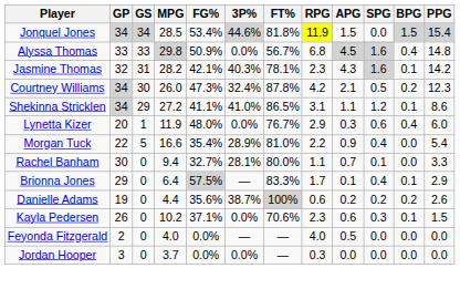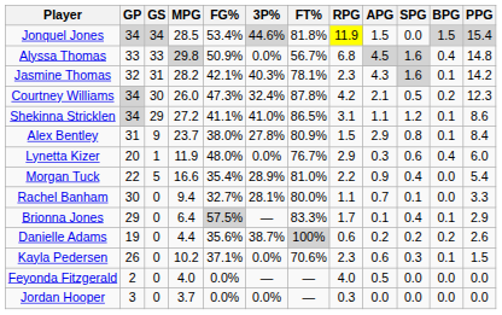 <table class="wikitable sortable" style="text-align:center;">
 <tr>
 <th>Player</th>
 <th>GP</th>
 <th>GS</th>
 <th>MPG</th>
 <th>FG%</th>
 <th>3P%</th>
 <th>FT%</th>
 <th>RPG</th>
 <th>APG</th>
 <th>SPG</th>
 <th>BPG</th>
 <th>PPG</th>
 </tr>
 <tr>
 <td><a href='#'>Jonquel Jones</a></td>
 <td style="background:#D3D3D3;">34</td>
 <td style="background:#D3D3D3;">34</td>
 <td>28.5</td>
 <td>53.4%</td>
 <td style="background:#D3D3D3;">44.6%</td>
 <td>81.8%</td>
 <td style="background:yellow;">11.9</td>
 <td>1.5</td>
 <td>0.0</td>
 <td style="background:#D3D3D3;">1.5</td>
 <td style="background:#D3D3D3;">15.4</td>
 </tr>
 <tr>
 <td><a href='#'>Alyssa Thomas</a></td>
 <td>33</td>
 <td>33</td>
 <td style="background:#D3D3D3;">29.8</td>
 <td>50.9%</td>
 <td>0.0%</td>
 <td>56.7%</td>
 <td>6.8</td>
 <td style="background:#D3D3D3;">4.5</td>
 <td style="background:#D3D3D3;">1.6</td>
 <td>0.4</td>
 <td>14.8</td>
 </tr>
 <tr>
 <td><a href='#'>Jasmine Thomas</a></td>
 <td>32</td>
 <td>31</td>
 <td>28.2</td>
 <td>42.1%</td>
 <td>40.3%</td>
 <td>78.1%</td>
 <td>2.3</td>
 <td>4.3</td>
 <td style="background:#D3D3D3;">1.6</td>
 <td>0.1</td>
 <td>14.2</td>
 </tr>
 <tr>
 <td><a href='#'>Courtney Williams</a></td>
 <td style="background:#D3D3D3;">34</td>
 <td>30</td>
 <td>26.0</td>
 <td>47.3%</td>
 <td>32.4%</td>
 <td>87.8%</td>
 <td>4.2</td>
 <td>2.1</td>
 <td>0.5</td>
 <td>0.2</td>
 <td>12.3</td>
 </tr>
 <tr>
 <td><a href='#'>Shekinna Stricklen</a></td>
 <td style="background:#D3D3D3;">34</td>
 <td>29</td>
 <td>27.2</td>
 <td>41.1%</td>
 <td>41.0%</td>
 <td>86.5%</td>
 <td>3.1</td>
 <td>1.1</td>
 <td>1.2</td>
 <td>0.1</td>
 <td>8.6</td>
+</tr>
+<tr>
+<td><a href='#'>Alex Bentley</a></td>
+<td>31</td>
+<td>9</td>
+<td>23.7</td>
+<td>38.0%</td>
+<td>27.8%</td>
+<td>80.9%</td>
+<td>1.5</td>
+<td>2.9</td>
+<td>0.8</td>
+<td>0.1</td>
+<td>8.4</td>
 </tr>
 <tr>
 <td><a href='#'>Lynetta Kizer</a></td>
 <td>20</td>
 <td>1</td>
 <td>11.9</td>
 <td>48.0%</td>
 <td>0.0%</td>
 <td>76.7%</td>
 <td>2.9</td>
 <td>0.3</td>
 <td>0.6</td>
 <td>0.4</td>
 <td>6.0</td>
 </tr>
 <tr>
 <td><a href='#'>Morgan Tuck</a></td>
 <td>22</td>
 <td>5</td>
 <td>16.6</td>
 <td>35.4%</td>
 <td>28.9%</td>
 <td>81.0%</td>
 <td>2.2</td>
 <td>0.9</td>
 <td>0.4</td>
 <td>0.0</td>
 <td>5.4</td>
 </tr>
 <tr>
 <td><a href='#'>Rachel Banham</a></td>
 <td>30</td>
 <td>0</td>
 <td>9.4</td>
 <td>32.7%</td>
 <td>28.1%</td>
 <td>80.0%</td>
 <td>1.1</td>
 <td>0.7</td>
 <td>0.1</td>
 <td>0.0</td>
 <td>3.3</td>
 </tr>
 <tr>
 <td><a href='#'>Brionna Jones</a></td>
 <td>29</td>
 <td>0</td>
 <td>6.4</td>
 <td style="background:#D3D3D3;">57.5%</td>
 <td>—</td>
 <td>83.3%</td>
 <td>1.7</td>
 <td>0.1</td>
 <td>0.4</td>
 <td>0.1</td>
 <td>2.9</td>
 </tr>
 <tr>
 <td><a href='#'>Danielle Adams</a></td>
 <td>19</td>
 <td>0</td>
 <td>4.4</td>
 <td>35.6%</td>
 <td>38.7%</td>
 <td style="background:#D3D3D3;">100%</td>
 <td>0.6</td>
 <td>0.2</td>
 <td>0.2</td>
 <td>0.2</td>
 <td>2.6</td>
 </tr>
 <tr>
 <td><a href='#'>Kayla Pedersen</a></td>
 <td>26</td>
 <td>0</td>
 <td>10.2</td>
 <td>37.1%</td>
 <td>0.0%</td>
 <td>70.6%</td>
 <td>2.3</td>
 <td>0.6</td>
 <td>0.3</td>
 <td>0.1</td>
 <td>1.5</td>
 </tr>
 <tr>
 <td><a href='#'>Feyonda Fitzgerald</a></td>
 <td>2</td>
 <td>0</td>
 <td>4.0</td>
 <td>0.0%</td>
 <td>—</td>
 <td>—</td>
 <td>4.0</td>
 <td>0.5</td>
 <td>0.0</td>
 <td>0.0</td>
 <td>0.0</td>
 </tr>
 <tr>
 <td><a href='#'>Jordan Hooper</a></td>
 <td>3</td>
 <td>0</td>
 <td>3.7</td>
 <td>0.0%</td>
 <td>0.0%</td>
 <td>—</td>
 <td>0.3</td>
 <td>0.0</td>
 <td>0.0</td>
 <td>0.0</td>
 <td>0.0</td>
 </tr>
 </table>
